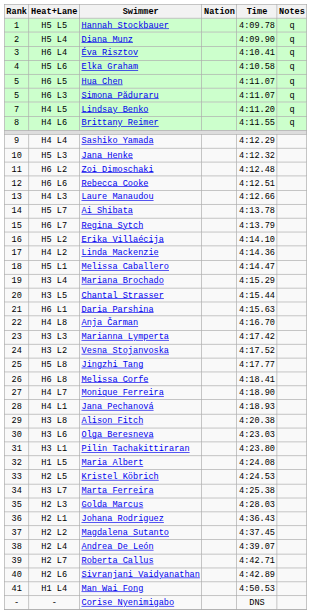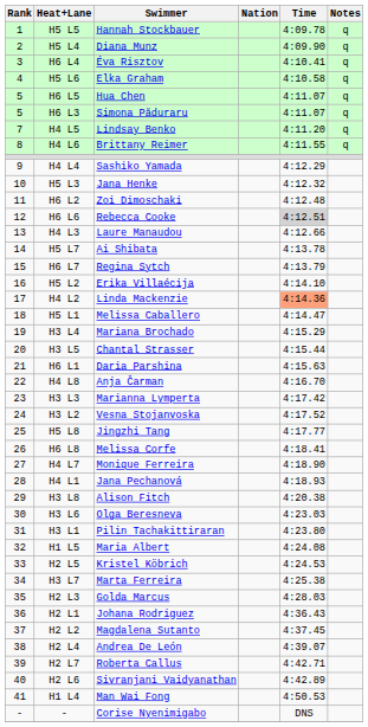 <table class="wikitable sortable" style="text-align:center">
 <tr>
 <th>Rank</th>
 <th>Heat+Lane</th>
 <th>Swimmer</th>
 <th>Nation</th>
 <th>Time</th>
 <th>Notes</th>
 </tr>
 <tr bgcolor=ccffcc>
 <td>1</td>
 <td>H5 L5</td>
 <td align=left><a href='#'>Hannah Stockbauer</a></td>
 <td align=left></td>
 <td>4:09.78</td>
 <td>q</td>
 </tr>
 <tr bgcolor=ccffcc>
 <td>2</td>
 <td>H5 L4</td>
 <td align=left><a href='#'>Diana Munz</a></td>
 <td align=left></td>
 <td>4:09.90</td>
 <td>q</td>
 </tr>
 <tr bgcolor=ccffcc>
 <td>3</td>
 <td>H6 L4</td>
 <td align=left><a href='#'>Éva Risztov</a></td>
 <td align=left></td>
 <td>4:10.41</td>
 <td>q</td>
 </tr>
 <tr bgcolor=ccffcc>
 <td>4</td>
 <td>H5 L6</td>
 <td align=left><a href='#'>Elka Graham</a></td>
 <td align=left></td>
 <td>4:10.58</td>
 <td>q</td>
 </tr>
 <tr bgcolor=ccffcc>
 <td>5</td>
 <td>H6 L5</td>
 <td align=left><a href='#'>Hua Chen</a></td>
 <td align=left></td>
 <td>4:11.07</td>
 <td>q</td>
 </tr>
 <tr bgcolor=ccffcc>
 <td>5</td>
 <td>H6 L3</td>
 <td align=left><a href='#'>Simona Păduraru</a></td>
 <td align=left></td>
 <td>4:11.07</td>
 <td>q</td>
 </tr>
 <tr bgcolor=ccffcc>
 <td>7</td>
 <td>H4 L5</td>
 <td align=left><a href='#'>Lindsay Benko</a></td>
 <td align=left></td>
 <td>4:11.20</td>
 <td>q</td>
 </tr>
 <tr bgcolor=ccffcc>
 <td>8</td>
 <td>H4 L6</td>
 <td align=left><a href='#'>Brittany Reimer</a></td>
 <td align=left></td>
 <td>4:11.55</td>
 <td>q</td>
 </tr>
 <tr bgcolor=#DDDDDD>
 <td colspan=6></td>
 </tr>
 <tr>
 <td>9</td>
 <td>H4 L4</td>
 <td align=left><a href='#'>Sashiko Yamada</a></td>
 <td align=left></td>
 <td>4:12.29</td>
 <td></td>
 </tr>
 <tr>
 <td>10</td>
 <td>H5 L3</td>
 <td align=left><a href='#'>Jana Henke</a></td>
 <td align=left></td>
 <td>4:12.32</td>
 <td></td>
 </tr>
 <tr>
 <td>11</td>
 <td>H6 L2</td>
 <td align=left><a href='#'>Zoi Dimoschaki</a></td>
 <td align=left></td>
 <td>4:12.48</td>
 <td></td>
 </tr>
 <tr>
 <td>12</td>
 <td>H6 L6</td>
 <td align=left><a href='#'>Rebecca Cooke</a></td>
 <td align=left></td>
-<td>4:12.51</td>
+<td style="background: lightgrey;">4:12.51</td>
 <td></td>
 </tr>
 <tr>
 <td>13</td>
 <td>H4 L3</td>
 <td align=left><a href='#'>Laure Manaudou</a></td>
 <td align=left></td>
 <td>4:12.66</td>
 <td></td>
 </tr>
 <tr>
 <td>14</td>
 <td>H5 L7</td>
 <td align=left><a href='#'>Ai Shibata</a></td>
 <td align=left></td>
 <td>4:13.78</td>
 <td></td>
 </tr>
 <tr>
 <td>15</td>
 <td>H6 L7</td>
 <td align=left><a href='#'>Regina Sytch</a></td>
 <td align=left></td>
 <td>4:13.79</td>
 <td></td>
 </tr>
 <tr>
 <td>16</td>
 <td>H5 L2</td>
 <td align=left><a href='#'>Erika Villaécija</a></td>
 <td align=left></td>
 <td>4:14.10</td>
 <td></td>
 </tr>
 <tr>
 <td>17</td>
 <td>H4 L2</td>
 <td align=left><a href='#'>Linda Mackenzie</a></td>
 <td align=left></td>
-<td>4:14.36</td>
+<td style="background: lightsalmon;">4:14.36</td>
 <td></td>
 </tr>
 <tr>
 <td>18</td>
 <td>H5 L1</td>
 <td align=left><a href='#'>Melissa Caballero</a></td>
 <td align=left></td>
 <td>4:14.47</td>
 <td></td>
 </tr>
 <tr>
 <td>19</td>
 <td>H3 L4</td>
 <td align=left><a href='#'>Mariana Brochado</a></td>
 <td align=left></td>
 <td>4:15.29</td>
 <td></td>
 </tr>
 <tr>
 <td>20</td>
 <td>H3 L5</td>
 <td align=left><a href='#'>Chantal Strasser</a></td>
 <td align=left></td>
 <td>4:15.44</td>
 <td></td>
 </tr>
 <tr>
 <td>21</td>
 <td>H6 L1</td>
 <td align=left><a href='#'>Daria Parshina</a></td>
 <td align=left></td>
 <td>4:15.63</td>
 <td></td>
 </tr>
 <tr>
 <td>22</td>
 <td>H4 L8</td>
 <td align=left><a href='#'>Anja Čarman</a></td>
 <td align=left></td>
 <td>4:16.70</td>
 <td></td>
 </tr>
 <tr>
 <td>23</td>
 <td>H3 L3</td>
 <td align=left><a href='#'>Marianna Lymperta</a></td>
 <td align=left></td>
 <td>4:17.42</td>
 <td></td>
 </tr>
 <tr>
 <td>24</td>
 <td>H3 L2</td>
 <td align=left><a href='#'>Vesna Stojanvoska</a></td>
 <td align=left></td>
 <td>4:17.52</td>
 <td></td>
 </tr>
 <tr>
 <td>25</td>
 <td>H5 L8</td>
 <td align=left><a href='#'>Jingzhi Tang</a></td>
 <td align=left></td>
 <td>4:17.77</td>
 <td></td>
 </tr>
 <tr>
 <td>26</td>
 <td>H6 L8</td>
 <td align=left><a href='#'>Melissa Corfe</a></td>
 <td align=left></td>
 <td>4:18.41</td>
 <td></td>
 </tr>
 <tr>
 <td>27</td>
 <td>H4 L7</td>
 <td align=left><a href='#'>Monique Ferreira</a></td>
 <td align=left></td>
 <td>4:18.90</td>
 <td></td>
 </tr>
 <tr>
 <td>28</td>
 <td>H4 L1</td>
 <td align=left><a href='#'>Jana Pechanová</a></td>
 <td align=left></td>
 <td>4:18.93</td>
 <td></td>
 </tr>
 <tr>
 <td>29</td>
 <td>H3 L8</td>
 <td align=left><a href='#'>Alison Fitch</a></td>
 <td align=left></td>
 <td>4:20.38</td>
 <td></td>
 </tr>
 <tr>
 <td>30</td>
 <td>H3 L6</td>
 <td align=left><a href='#'>Olga Beresneva</a></td>
 <td align=left></td>
 <td>4:23.03</td>
 <td></td>
 </tr>
 <tr>
 <td>31</td>
 <td>H3 L1</td>
 <td align=left><a href='#'>Pilin Tachakittiraran</a></td>
 <td align=left></td>
 <td>4:23.80</td>
 <td></td>
 </tr>
 <tr>
 <td>32</td>
 <td>H1 L5</td>
 <td align=left><a href='#'>Maria Albert</a></td>
 <td align=left></td>
 <td>4:24.08</td>
 <td></td>
 </tr>
 <tr>
 <td>33</td>
 <td>H2 L5</td>
 <td align=left><a href='#'>Kristel Köbrich</a></td>
 <td align=left></td>
 <td>4:24.53</td>
 <td></td>
 </tr>
 <tr>
 <td>34</td>
 <td>H3 L7</td>
 <td align=left><a href='#'>Marta Ferreira</a></td>
 <td align=left></td>
 <td>4:25.38</td>
 <td></td>
 </tr>
 <tr>
 <td>35</td>
 <td>H2 L3</td>
 <td align=left><a href='#'>Golda Marcus</a></td>
 <td align=left></td>
 <td>4:28.03</td>
 <td></td>
 </tr>
 <tr>
 <td>36</td>
 <td>H2 L1</td>
 <td align=left><a href='#'>Johana Rodriguez</a></td>
 <td align=left></td>
 <td>4:36.43</td>
 <td></td>
 </tr>
 <tr>
 <td>37</td>
 <td>H2 L2</td>
 <td align=left><a href='#'>Magdalena Sutanto</a></td>
 <td align=left></td>
 <td>4:37.45</td>
 <td></td>
 </tr>
 <tr>
 <td>38</td>
 <td>H2 L4</td>
 <td align=left><a href='#'>Andrea De León</a></td>
 <td align=left></td>
 <td>4:39.07</td>
 <td></td>
 </tr>
 <tr>
 <td>39</td>
 <td>H2 L7</td>
 <td align=left><a href='#'>Roberta Callus</a></td>
 <td align=left></td>
 <td>4:42.71</td>
 <td></td>
 </tr>
 <tr>
 <td>40</td>
 <td>H2 L6</td>
 <td align=left><a href='#'>Sivranjani Vaidyanathan</a></td>
 <td align=left></td>
 <td>4:42.89</td>
 <td></td>
 </tr>
 <tr>
 <td>41</td>
 <td>H1 L4</td>
 <td align=left><a href='#'>Man Wai Fong</a></td>
 <td align=left></td>
 <td>4:50.53</td>
 <td></td>
 </tr>
 <tr>
 <td>-</td>
 <td>-</td>
 <td align=left><a href='#'>Corise Nyenimigabo</a></td>
 <td align=left></td>
 <td>DNS</td>
 <td></td>
 </tr>
 <tr>
 </tr>
 </table>
